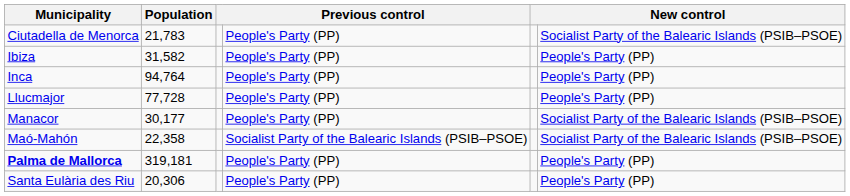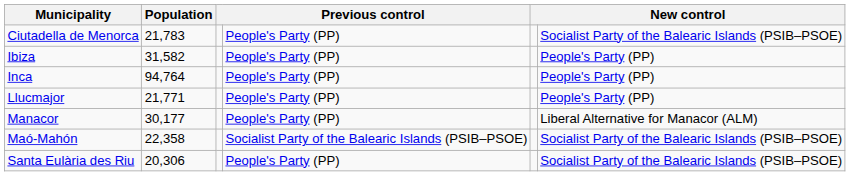 <table class="wikitable sortable">
 <tr>
 <th>Municipality</th>
 <th>Population</th>
 <th colspan="2" style="width:375px;">Previous control</th>
 <th colspan="2" style="width:375px;">New control</th>
 </tr>
 <tr>
 <td><a href='#'>Ciutadella de Menorca</a></td>
 <td>21,783</td>
 <td width="1" style="color:inherit;background:"></td>
 <td><a href='#'>People's Party</a> (PP)</td>
 <td width="1" style="color:inherit;background:"></td>
 <td><a href='#'>Socialist Party of the Balearic Islands</a> (PSIB–PSOE)</td>
 </tr>
 <tr>
 <td><a href='#'>Ibiza</a></td>
 <td>31,582</td>
 <td style="color:inherit;background:"></td>
 <td><a href='#'>People's Party</a> (PP)</td>
 <td style="color:inherit;background:"></td>
 <td><a href='#'>People's Party</a> (PP)</td>
 </tr>
 <tr>
 <td><a href='#'>Inca</a></td>
 <td>94,764</td>
 <td style="color:inherit;background:"></td>
 <td><a href='#'>People's Party</a> (PP)</td>
 <td style="color:inherit;background:"></td>
 <td><a href='#'>People's Party</a> (PP)</td>
 </tr>
 <tr>
 <td><a href='#'>Llucmajor</a></td>
-<td>77,728</td>
+<td>21,771</td>
 <td style="color:inherit;background:"></td>
 <td><a href='#'>People's Party</a> (PP)</td>
 <td style="color:inherit;background:"></td>
 <td><a href='#'>People's Party</a> (PP)</td>
 </tr>
 <tr>
 <td><a href='#'>Manacor</a></td>
 <td>30,177</td>
 <td style="color:inherit;background:"></td>
 <td><a href='#'>People's Party</a> (PP)</td>
 <td style="color:inherit;background:"></td>
-<td><a href='#'>Socialist Party of the Balearic Islands</a> (PSIB–PSOE)</td>
+<td>Liberal Alternative for Manacor (ALM)</td>
 </tr>
 <tr>
 <td><a href='#'>Maó-Mahón</a></td>
 <td>22,358</td>
 <td style="color:inherit;background:"></td>
 <td><a href='#'>Socialist Party of the Balearic Islands</a> (PSIB–PSOE)</td>
 <td style="color:inherit;background:"></td>
 <td><a href='#'>Socialist Party of the Balearic Islands</a> (PSIB–PSOE)</td>
 </tr>
 <tr>
-<td><strong><a href='#'>Palma de Mallorca</a></strong></td>
-<td>319,181</td>
-<td style="color:inherit;background:"></td>
-<td><a href='#'>People's Party</a> (PP)</td>
-<td style="color:inherit;background:"></td>
-<td><a href='#'>People's Party</a> (PP)</td>
-</tr>
-<tr>
 <td><a href='#'>Santa Eulària des Riu</a></td>
 <td>20,306</td>
 <td style="color:inherit;background:"></td>
 <td><a href='#'>People's Party</a> (PP)</td>
 <td style="color:inherit;background:"></td>
-<td><a href='#'>People's Party</a> (PP)</td>
+<td><a href='#'>Socialist Party of the Balearic Islands</a> (PSIB–PSOE)</td>
 </tr>
 </table>
